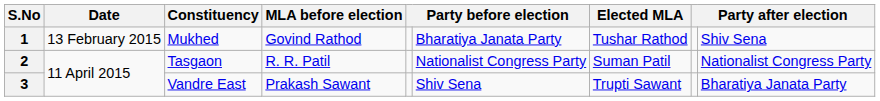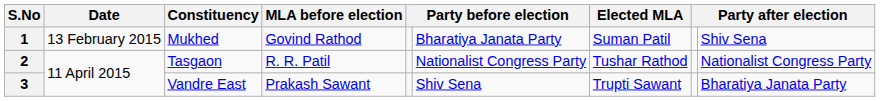 <table class="wikitable sortable">
 <tr>
 <th>S.No</th>
 <th>Date</th>
 <th>Constituency</th>
 <th>MLA before election</th>
 <th colspan="2">Party before election</th>
 <th>Elected MLA</th>
 <th colspan="2">Party after election</th>
 </tr>
 <tr>
 <th>1</th>
 <td>13 February 2015</td>
 <td><a href='#'>Mukhed</a></td>
 <td><a href='#'>Govind Rathod</a></td>
 <td></td>
 <td><a href='#'>Bharatiya Janata Party</a></td>
-<td><a href='#'>Tushar Rathod</a></td>
+<td><a href='#'>Suman Patil</a></td>
 <td></td>
 <td><a href='#'>Shiv Sena</a></td>
 </tr>
 <tr>
 <th>2</th>
 <td rowspan="2">11 April 2015</td>
 <td><a href='#'>Tasgaon</a></td>
 <td><a href='#'>R. R. Patil</a></td>
 <td></td>
 <td><a href='#'>Nationalist Congress Party</a></td>
-<td><a href='#'>Suman Patil</a></td>
+<td><a href='#'>Tushar Rathod</a></td>
 <td></td>
 <td><a href='#'>Nationalist Congress Party</a></td>
 </tr>
 <tr>
 <th>3</th>
 <td><a href='#'>Vandre East</a></td>
 <td><a href='#'>Prakash Sawant</a></td>
 <td></td>
 <td><a href='#'>Shiv Sena</a></td>
 <td><a href='#'>Trupti Sawant</a></td>
 <td></td>
 <td><a href='#'>Bharatiya Janata Party</a></td>
 </tr>
 </table>
